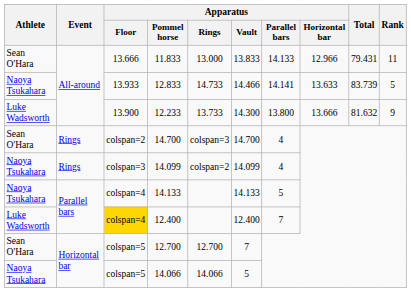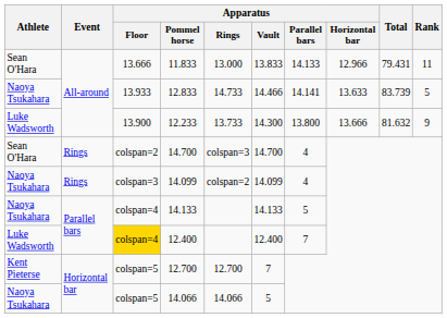 <table class="wikitable" style="font-size:90%">
 <tr>
 <th rowspan=2>Athlete</th>
 <th rowspan=2>Event</th>
 <th colspan=6>Apparatus</th>
 <th rowspan=2>Total</th>
 <th rowspan=2>Rank</th>
 </tr>
 <tr style="font-size:95%">
 <th>Floor</th>
 <th>Pommel horse</th>
 <th>Rings</th>
 <th>Vault</th>
 <th>Parallel bars</th>
 <th>Horizontal bar</th>
 </tr>
 <tr align=center>
 <td align=left>Sean O'Hara</td>
 <td align=left rowspan=3><a href='#'>All-around</a></td>
 <td>13.666</td>
 <td>11.833</td>
 <td>13.000</td>
 <td>13.833</td>
 <td>14.133</td>
 <td>12.966</td>
 <td>79.431</td>
 <td>11</td>
 </tr>
 <tr align=center>
 <td align=left><a href='#'>Naoya Tsukahara</a></td>
 <td>13.933</td>
 <td>12.833</td>
 <td>14.733</td>
 <td>14.466</td>
 <td>14.141</td>
 <td>13.633</td>
 <td>83.739</td>
 <td>5</td>
 </tr>
 <tr align=center>
 <td align=left><a href='#'>Luke Wadsworth</a></td>
 <td>13.900</td>
 <td>12.233</td>
 <td>13.733</td>
 <td>14.300</td>
 <td>13.800</td>
 <td>13.666</td>
 <td>81.632</td>
 <td>9</td>
 </tr>
 <tr align=center>
 <td align=left>Sean O'Hara</td>
 <td align=left><a href='#'>Rings</a></td>
 <td>colspan=2 </td>
 <td>14.700</td>
 <td>colspan=3 </td>
 <td>14.700</td>
 <td>4</td>
 </tr>
 <tr align=center>
 <td align=left><a href='#'>Naoya Tsukahara</a></td>
 <td align=left><a href='#'>Rings</a></td>
 <td>colspan=3 </td>
 <td>14.099</td>
 <td>colspan=2 </td>
 <td>14.099</td>
 <td>4</td>
 </tr>
 <tr align=center>
 <td align=left><a href='#'>Naoya Tsukahara</a></td>
 <td align=left rowspan=2><a href='#'>Parallel bars</a></td>
 <td>colspan=4 </td>
 <td>14.133</td>
 <td></td>
 <td>14.133</td>
 <td>5</td>
 </tr>
 <tr align=center>
 <td align=left><a href='#'>Luke Wadsworth</a></td>
 <td style="background: gold;">colspan=4 </td>
 <td>12.400</td>
 <td></td>
 <td>12.400</td>
 <td>7</td>
 </tr>
 <tr align=center>
-<td align=left>Sean O'Hara</td>
+<td align=left><a href='#'>Kent Pieterse</a></td>
 <td align=left rowspan=2><a href='#'>Horizontal bar</a></td>
 <td>colspan=5 </td>
 <td>12.700</td>
 <td>12.700</td>
 <td>7</td>
 </tr>
 <tr align=center>
 <td align=left><a href='#'>Naoya Tsukahara</a></td>
 <td>colspan=5 </td>
 <td>14.066</td>
 <td>14.066</td>
 <td>5</td>
 </tr>
 </table>
